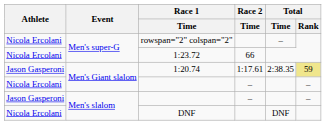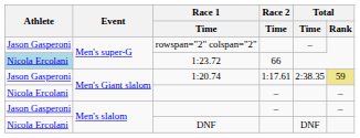 <table class="wikitable" style="font-size:90%">
 <tr>
 <th rowspan="2">Athlete</th>
 <th rowspan="2">Event</th>
 <th>Race 1</th>
 <th>Race 2</th>
 <th colspan="2">Total</th>
 </tr>
 <tr>
 <th>Time</th>
 <th>Time</th>
 <th>Time</th>
 <th>Rank</th>
 </tr>
 <tr>
-<td><a href='#'>Nicola Ercolani</a></td>
+<td><a href='#'>Jason Gasperoni</a></td>
 <td rowspan="2"><a href='#'>Men's super-G</a></td>
 <td>rowspan="2" colspan="2" </td>
 <td align="center"></td>
 <td align="center">–</td>
 </tr>
 <tr>
-<td><a href='#'>Nicola Ercolani</a></td>
+<td style="background: lightblue;"><a href='#'>Nicola Ercolani</a></td>
 <td align="center">1:23.72</td>
 <td align="center">66</td>
 </tr>
 <tr>
 <td><a href='#'>Jason Gasperoni</a></td>
 <td rowspan="2"><a href='#'>Men's Giant slalom</a></td>
 <td align="center">1:20.74</td>
 <td align="center">1:17.61</td>
 <td align="center">2:38.35</td>
 <td align="center" style="background: khaki;">59</td>
 </tr>
 <tr>
 <td><a href='#'>Nicola Ercolani</a></td>
 <td align="center"></td>
 <td align="center">–</td>
 <td align="center"></td>
 <td align="center">–</td>
 </tr>
 <tr>
 <td><a href='#'>Jason Gasperoni</a></td>
 <td rowspan="2"><a href='#'>Men's slalom</a></td>
 <td align="center"></td>
 <td align="center">–</td>
 <td align="center"></td>
 <td align="center">–</td>
 </tr>
 <tr>
 <td><a href='#'>Nicola Ercolani</a></td>
 <td align="center">DNF</td>
 <td align="center"></td>
 <td align="center">DNF</td>
 <td align="center"></td>
 </tr>
 </table>
